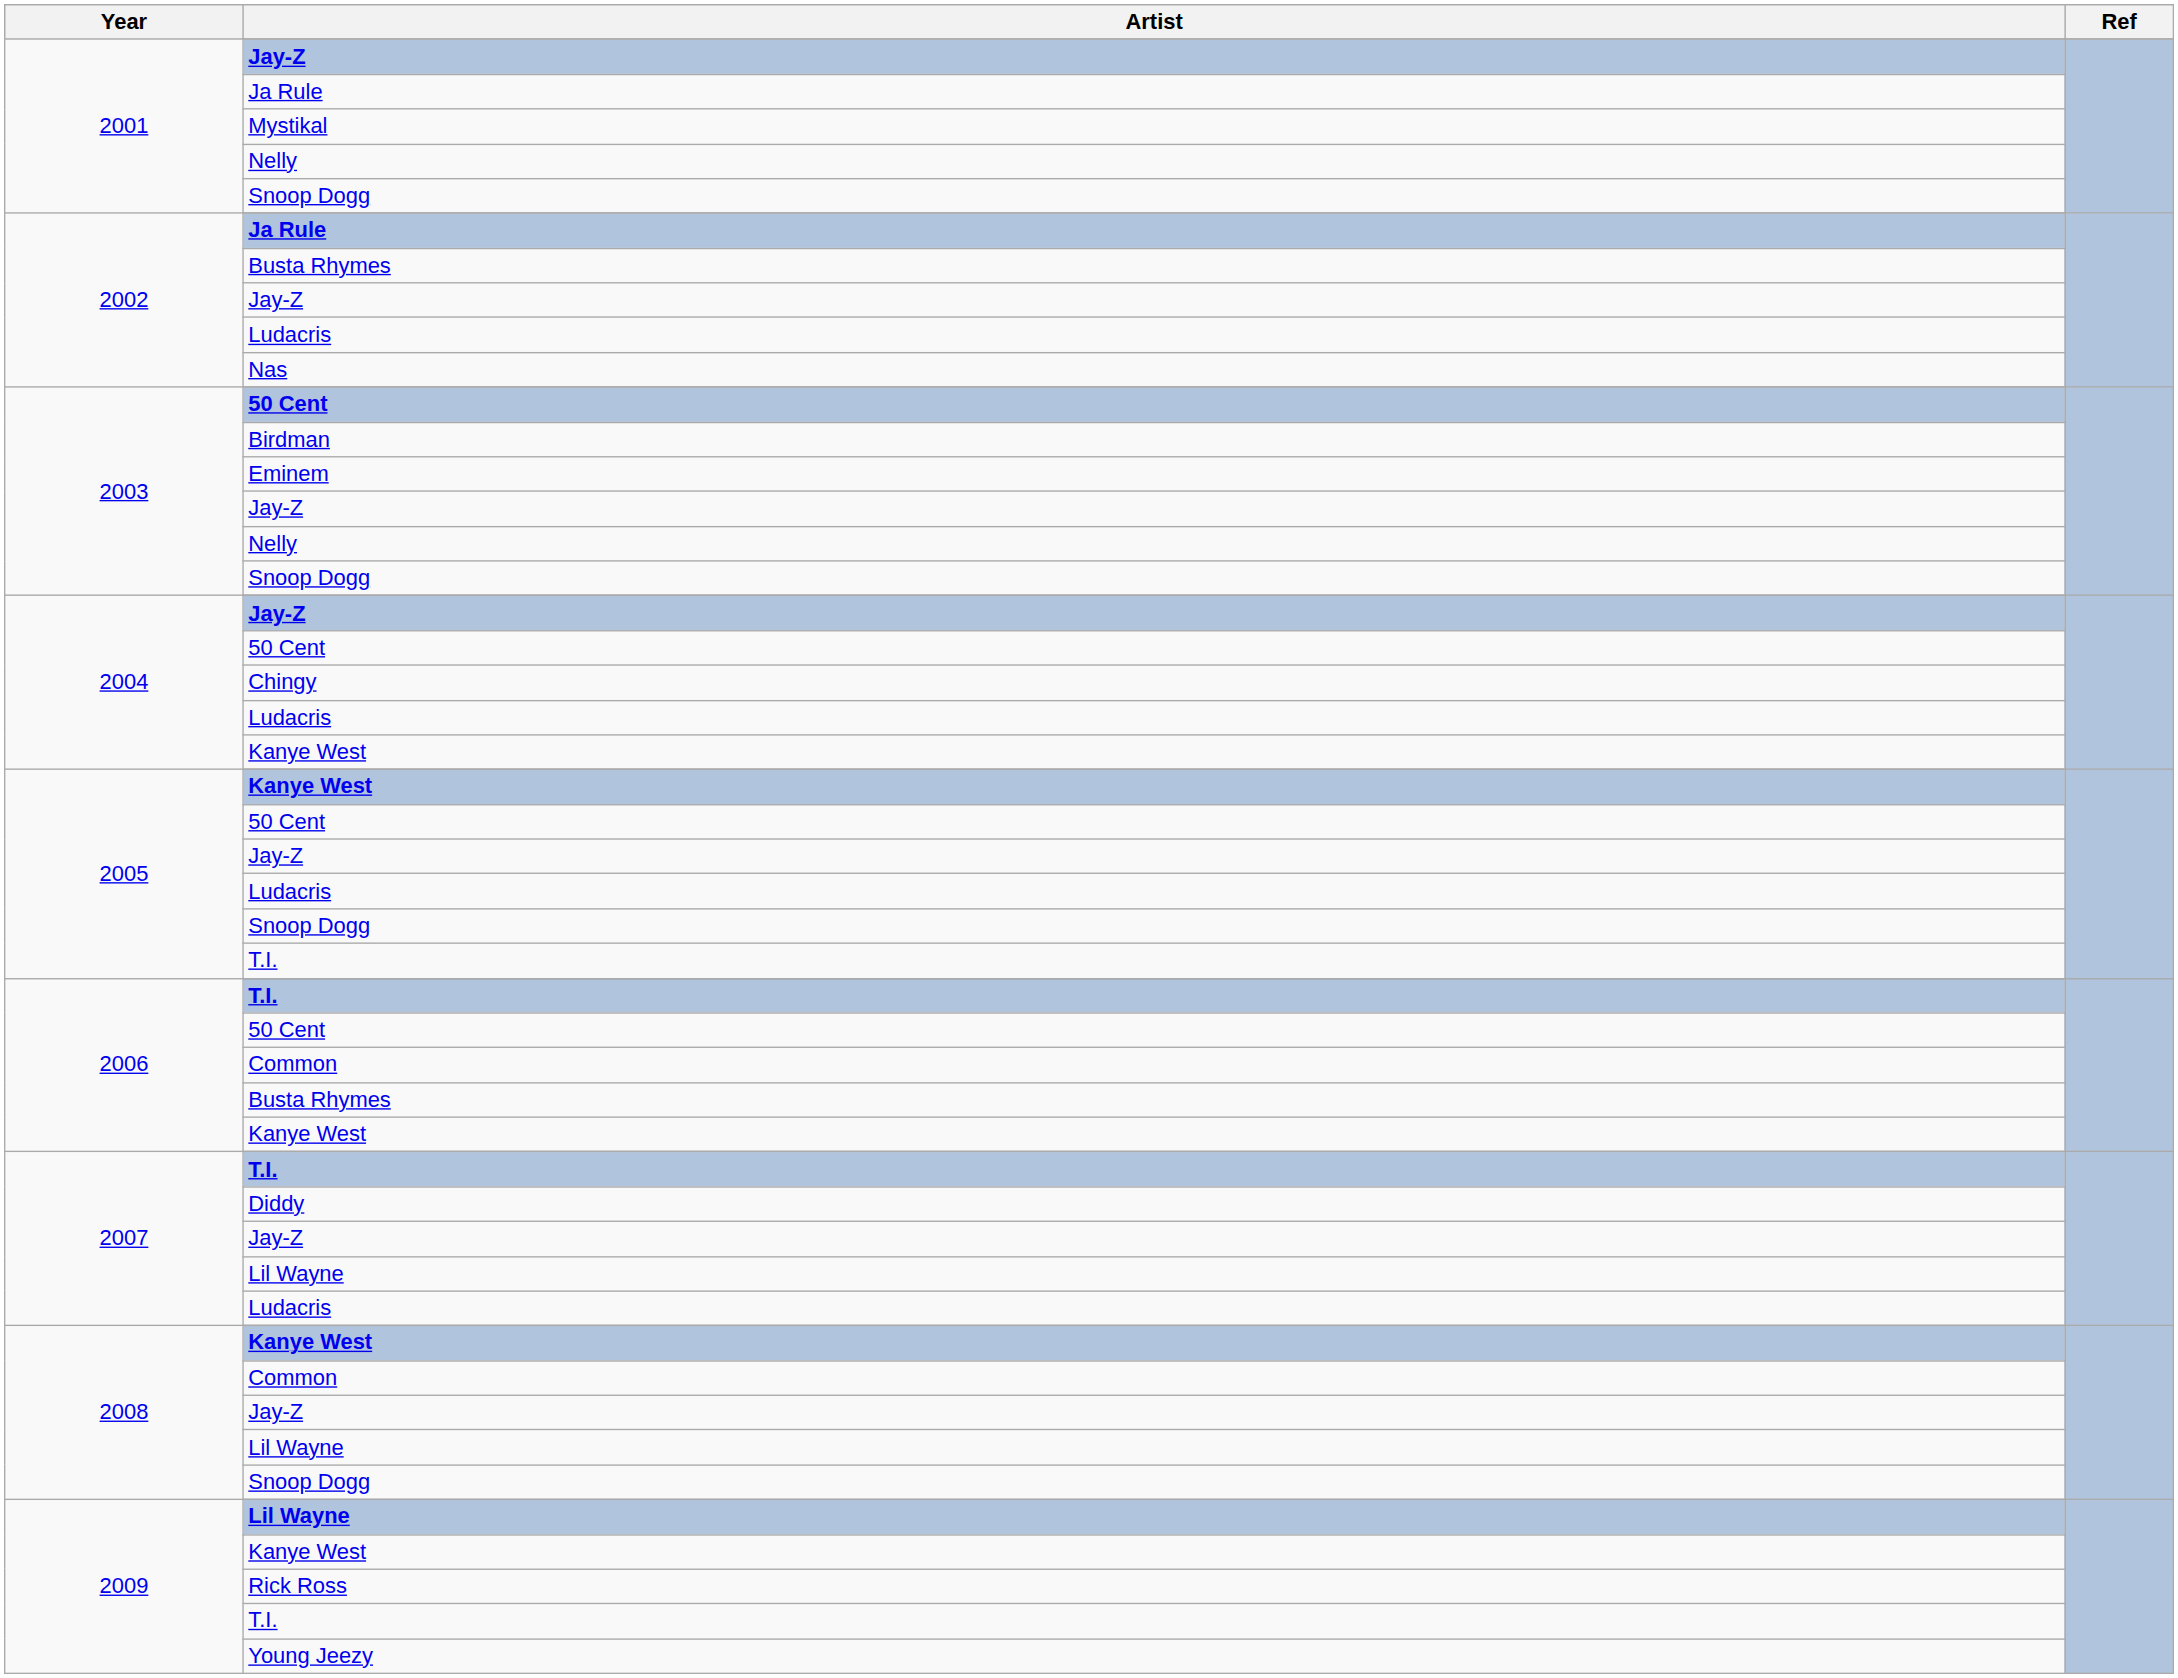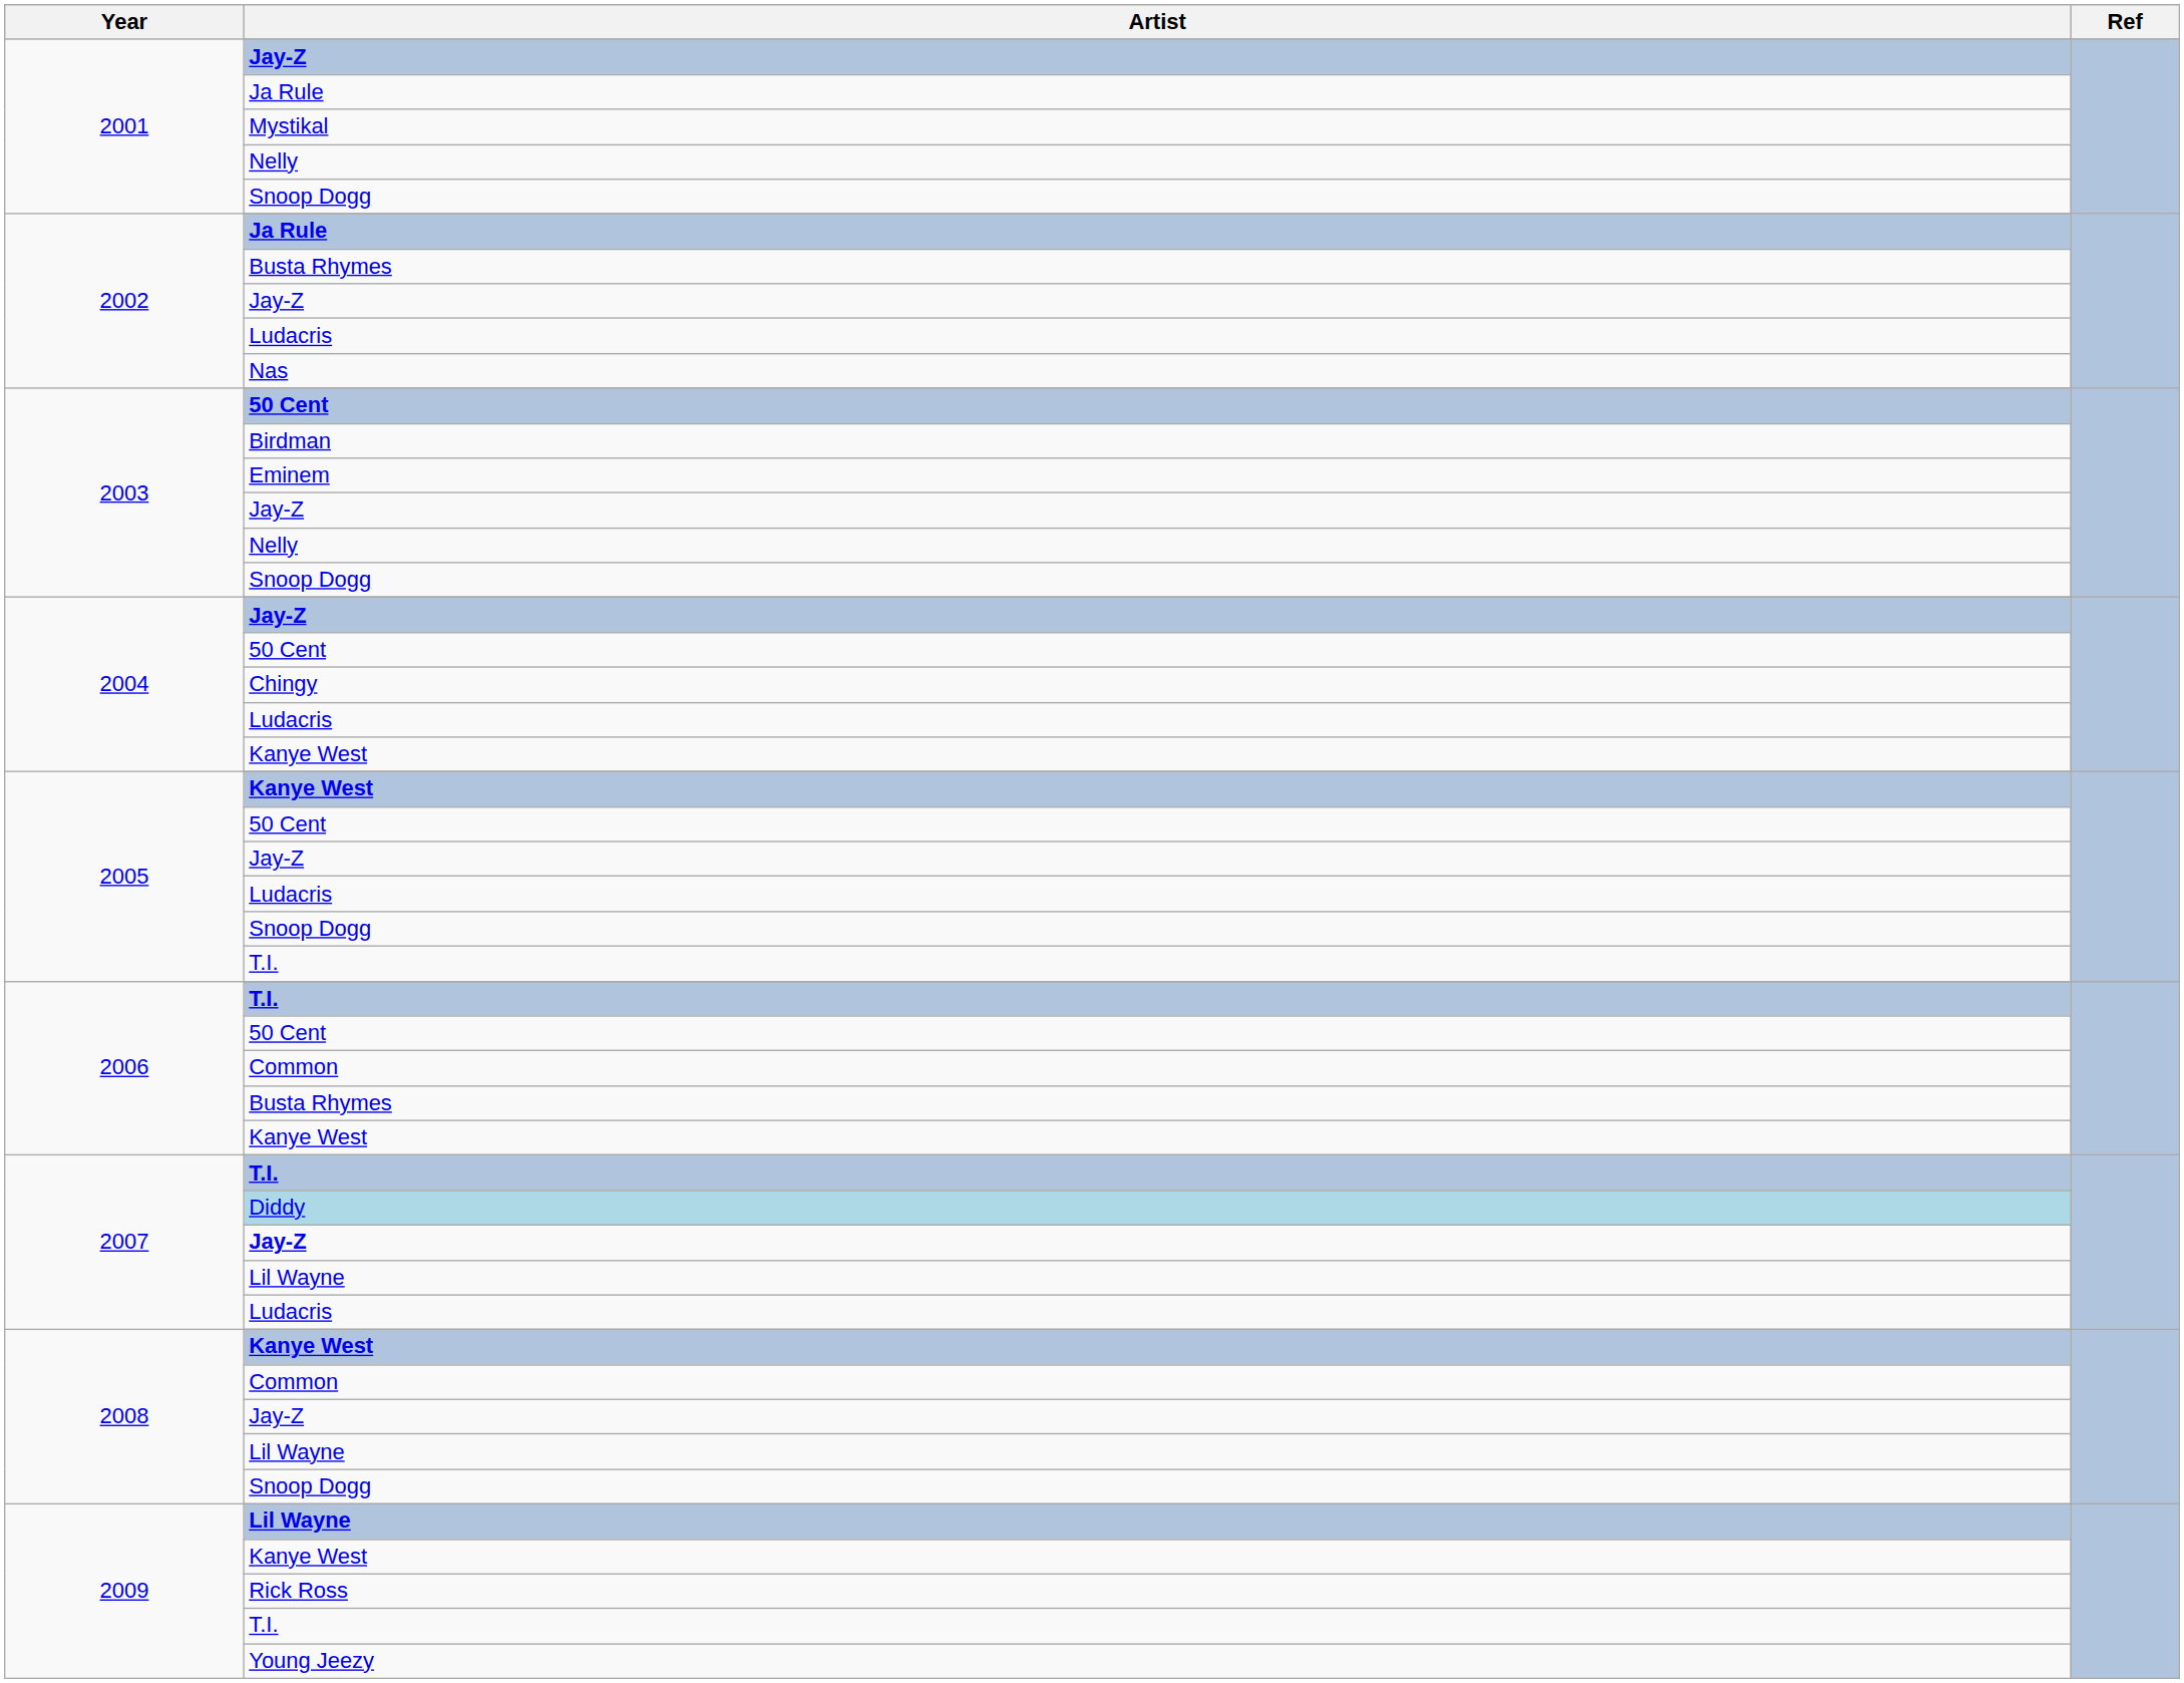 <table class="wikitable" style="width:100%;">
 <tr style="background:#bebebe;">
 <th style="width:11%;">Year</th>
 <th style="width:84%;">Artist</th>
 <th style="width:5%;">Ref</th>
 </tr>
 <tr>
 <td rowspan="6" align="center"><a href='#'>2001</a></td>
 </tr>
 <tr style="background:#B0C4DE">
 <td><strong><a href='#'>Jay-Z</a></strong></td>
 <td rowspan="6" align="center"></td>
 </tr>
 <tr>
 <td><a href='#'>Ja Rule</a></td>
 </tr>
 <tr>
 <td><a href='#'>Mystikal</a></td>
 </tr>
 <tr>
 <td><a href='#'>Nelly</a></td>
 </tr>
 <tr>
 <td><a href='#'>Snoop Dogg</a></td>
 </tr>
 <tr>
 <td rowspan="6" align="center"><a href='#'>2002</a></td>
 </tr>
 <tr style="background:#B0C4DE">
 <td><strong><a href='#'>Ja Rule</a></strong></td>
 <td rowspan="6" align="center"></td>
 </tr>
 <tr>
 <td><a href='#'>Busta Rhymes</a></td>
 </tr>
 <tr>
 <td><a href='#'>Jay-Z</a></td>
 </tr>
 <tr>
 <td><a href='#'>Ludacris</a></td>
 </tr>
 <tr>
 <td><a href='#'>Nas</a></td>
 </tr>
 <tr>
 <td rowspan="7" align="center"><a href='#'>2003</a></td>
 </tr>
 <tr style="background:#B0C4DE">
 <td><strong><a href='#'>50 Cent</a></strong></td>
 <td rowspan="7" align="center"></td>
 </tr>
 <tr>
 <td><a href='#'>Birdman</a></td>
 </tr>
 <tr>
 <td><a href='#'>Eminem</a></td>
 </tr>
 <tr>
 <td><a href='#'>Jay-Z</a></td>
 </tr>
 <tr>
 <td><a href='#'>Nelly</a></td>
 </tr>
 <tr>
 <td><a href='#'>Snoop Dogg</a></td>
 </tr>
 <tr>
 <td rowspan="6" align="center"><a href='#'>2004</a></td>
 </tr>
 <tr style="background:#B0C4DE">
 <td><strong><a href='#'>Jay-Z</a></strong></td>
 <td rowspan="6" align="center"></td>
 </tr>
 <tr>
 <td><a href='#'>50 Cent</a></td>
 </tr>
 <tr>
 <td><a href='#'>Chingy</a></td>
 </tr>
 <tr>
 <td><a href='#'>Ludacris</a></td>
 </tr>
 <tr>
 <td><a href='#'>Kanye West</a></td>
 </tr>
 <tr>
 <td rowspan="7" align="center"><a href='#'>2005</a></td>
 </tr>
 <tr style="background:#B0C4DE">
 <td><strong><a href='#'>Kanye West</a></strong></td>
 <td rowspan="7" align="center"></td>
 </tr>
 <tr>
 <td><a href='#'>50 Cent</a></td>
 </tr>
 <tr>
 <td><a href='#'>Jay-Z</a></td>
 </tr>
 <tr>
 <td><a href='#'>Ludacris</a></td>
 </tr>
 <tr>
 <td><a href='#'>Snoop Dogg</a></td>
 </tr>
 <tr>
 <td><a href='#'>T.I.</a></td>
 </tr>
 <tr>
 <td rowspan="6" align="center"><a href='#'>2006</a></td>
 </tr>
 <tr style="background:#B0C4DE">
 <td><strong><a href='#'>T.I.</a></strong></td>
 <td rowspan="6" align="center"></td>
 </tr>
 <tr>
 <td><a href='#'>50 Cent</a></td>
 </tr>
 <tr>
 <td><a href='#'>Common</a></td>
 </tr>
 <tr>
 <td><a href='#'>Busta Rhymes</a></td>
 </tr>
 <tr>
 <td><a href='#'>Kanye West</a></td>
 </tr>
 <tr>
 <td rowspan="6" align="center"><a href='#'>2007</a></td>
 </tr>
 <tr style="background:#B0C4DE">
 <td><strong><a href='#'>T.I.</a></strong></td>
 <td rowspan="6" align="center"></td>
 </tr>
 <tr>
-<td><a href='#'>Diddy</a></td>
+<td style="background: lightblue;"><a href='#'>Diddy</a></td>
 </tr>
 <tr>
-<td><a href='#'>Jay-Z</a></td>
+<td><strong><a href='#'>Jay-Z</a></strong></td>
 </tr>
 <tr>
 <td><a href='#'>Lil Wayne</a></td>
 </tr>
 <tr>
 <td><a href='#'>Ludacris</a></td>
 </tr>
 <tr>
 <td rowspan="6" align="center"><a href='#'>2008</a></td>
 </tr>
 <tr style="background:#B0C4DE">
 <td><strong><a href='#'>Kanye West</a></strong></td>
 <td rowspan="6" align="center"></td>
 </tr>
 <tr>
 <td><a href='#'>Common</a></td>
 </tr>
 <tr>
 <td><a href='#'>Jay-Z</a></td>
 </tr>
 <tr>
 <td><a href='#'>Lil Wayne</a></td>
 </tr>
 <tr>
 <td><a href='#'>Snoop Dogg</a></td>
 </tr>
 <tr>
 <td rowspan="6" align="center"><a href='#'>2009</a></td>
 </tr>
 <tr style="background:#B0C4DE">
 <td><strong><a href='#'>Lil Wayne</a></strong></td>
 <td rowspan="6" align="center"></td>
 </tr>
 <tr>
 <td><a href='#'>Kanye West</a></td>
 </tr>
 <tr>
 <td><a href='#'>Rick Ross</a></td>
 </tr>
 <tr>
 <td><a href='#'>T.I.</a></td>
 </tr>
 <tr>
 <td><a href='#'>Young Jeezy</a></td>
 </tr>
 </table>
